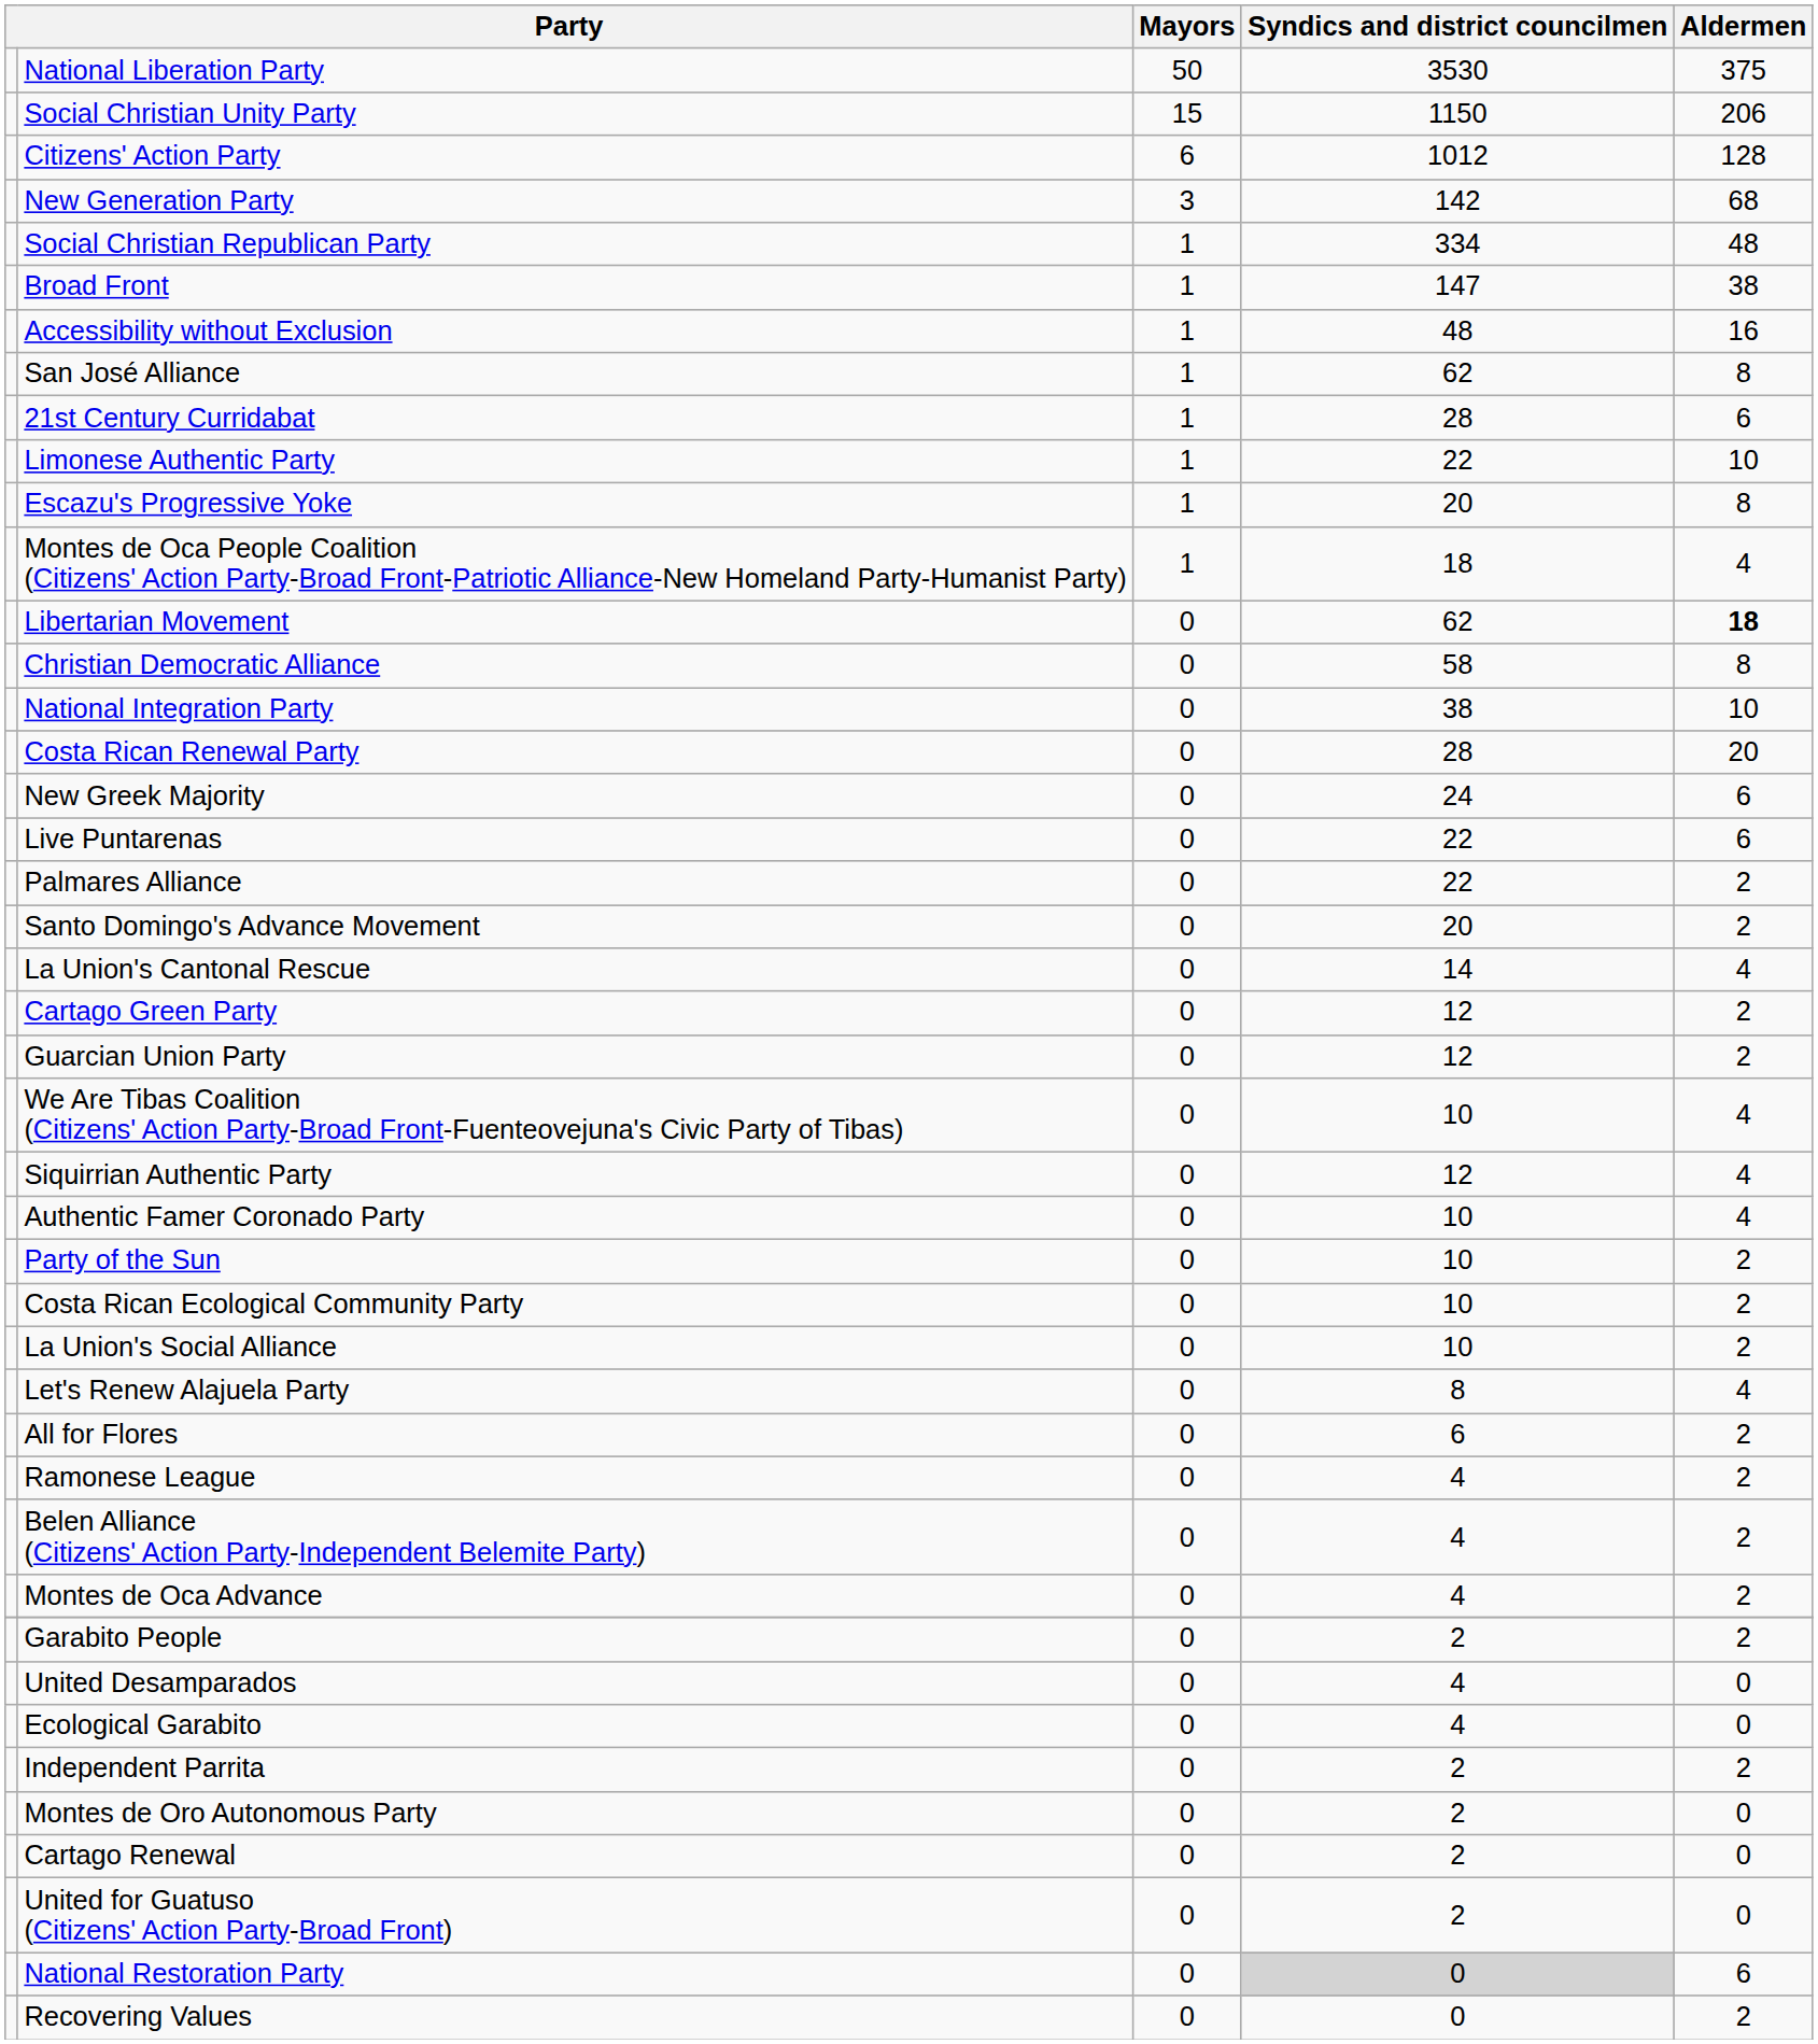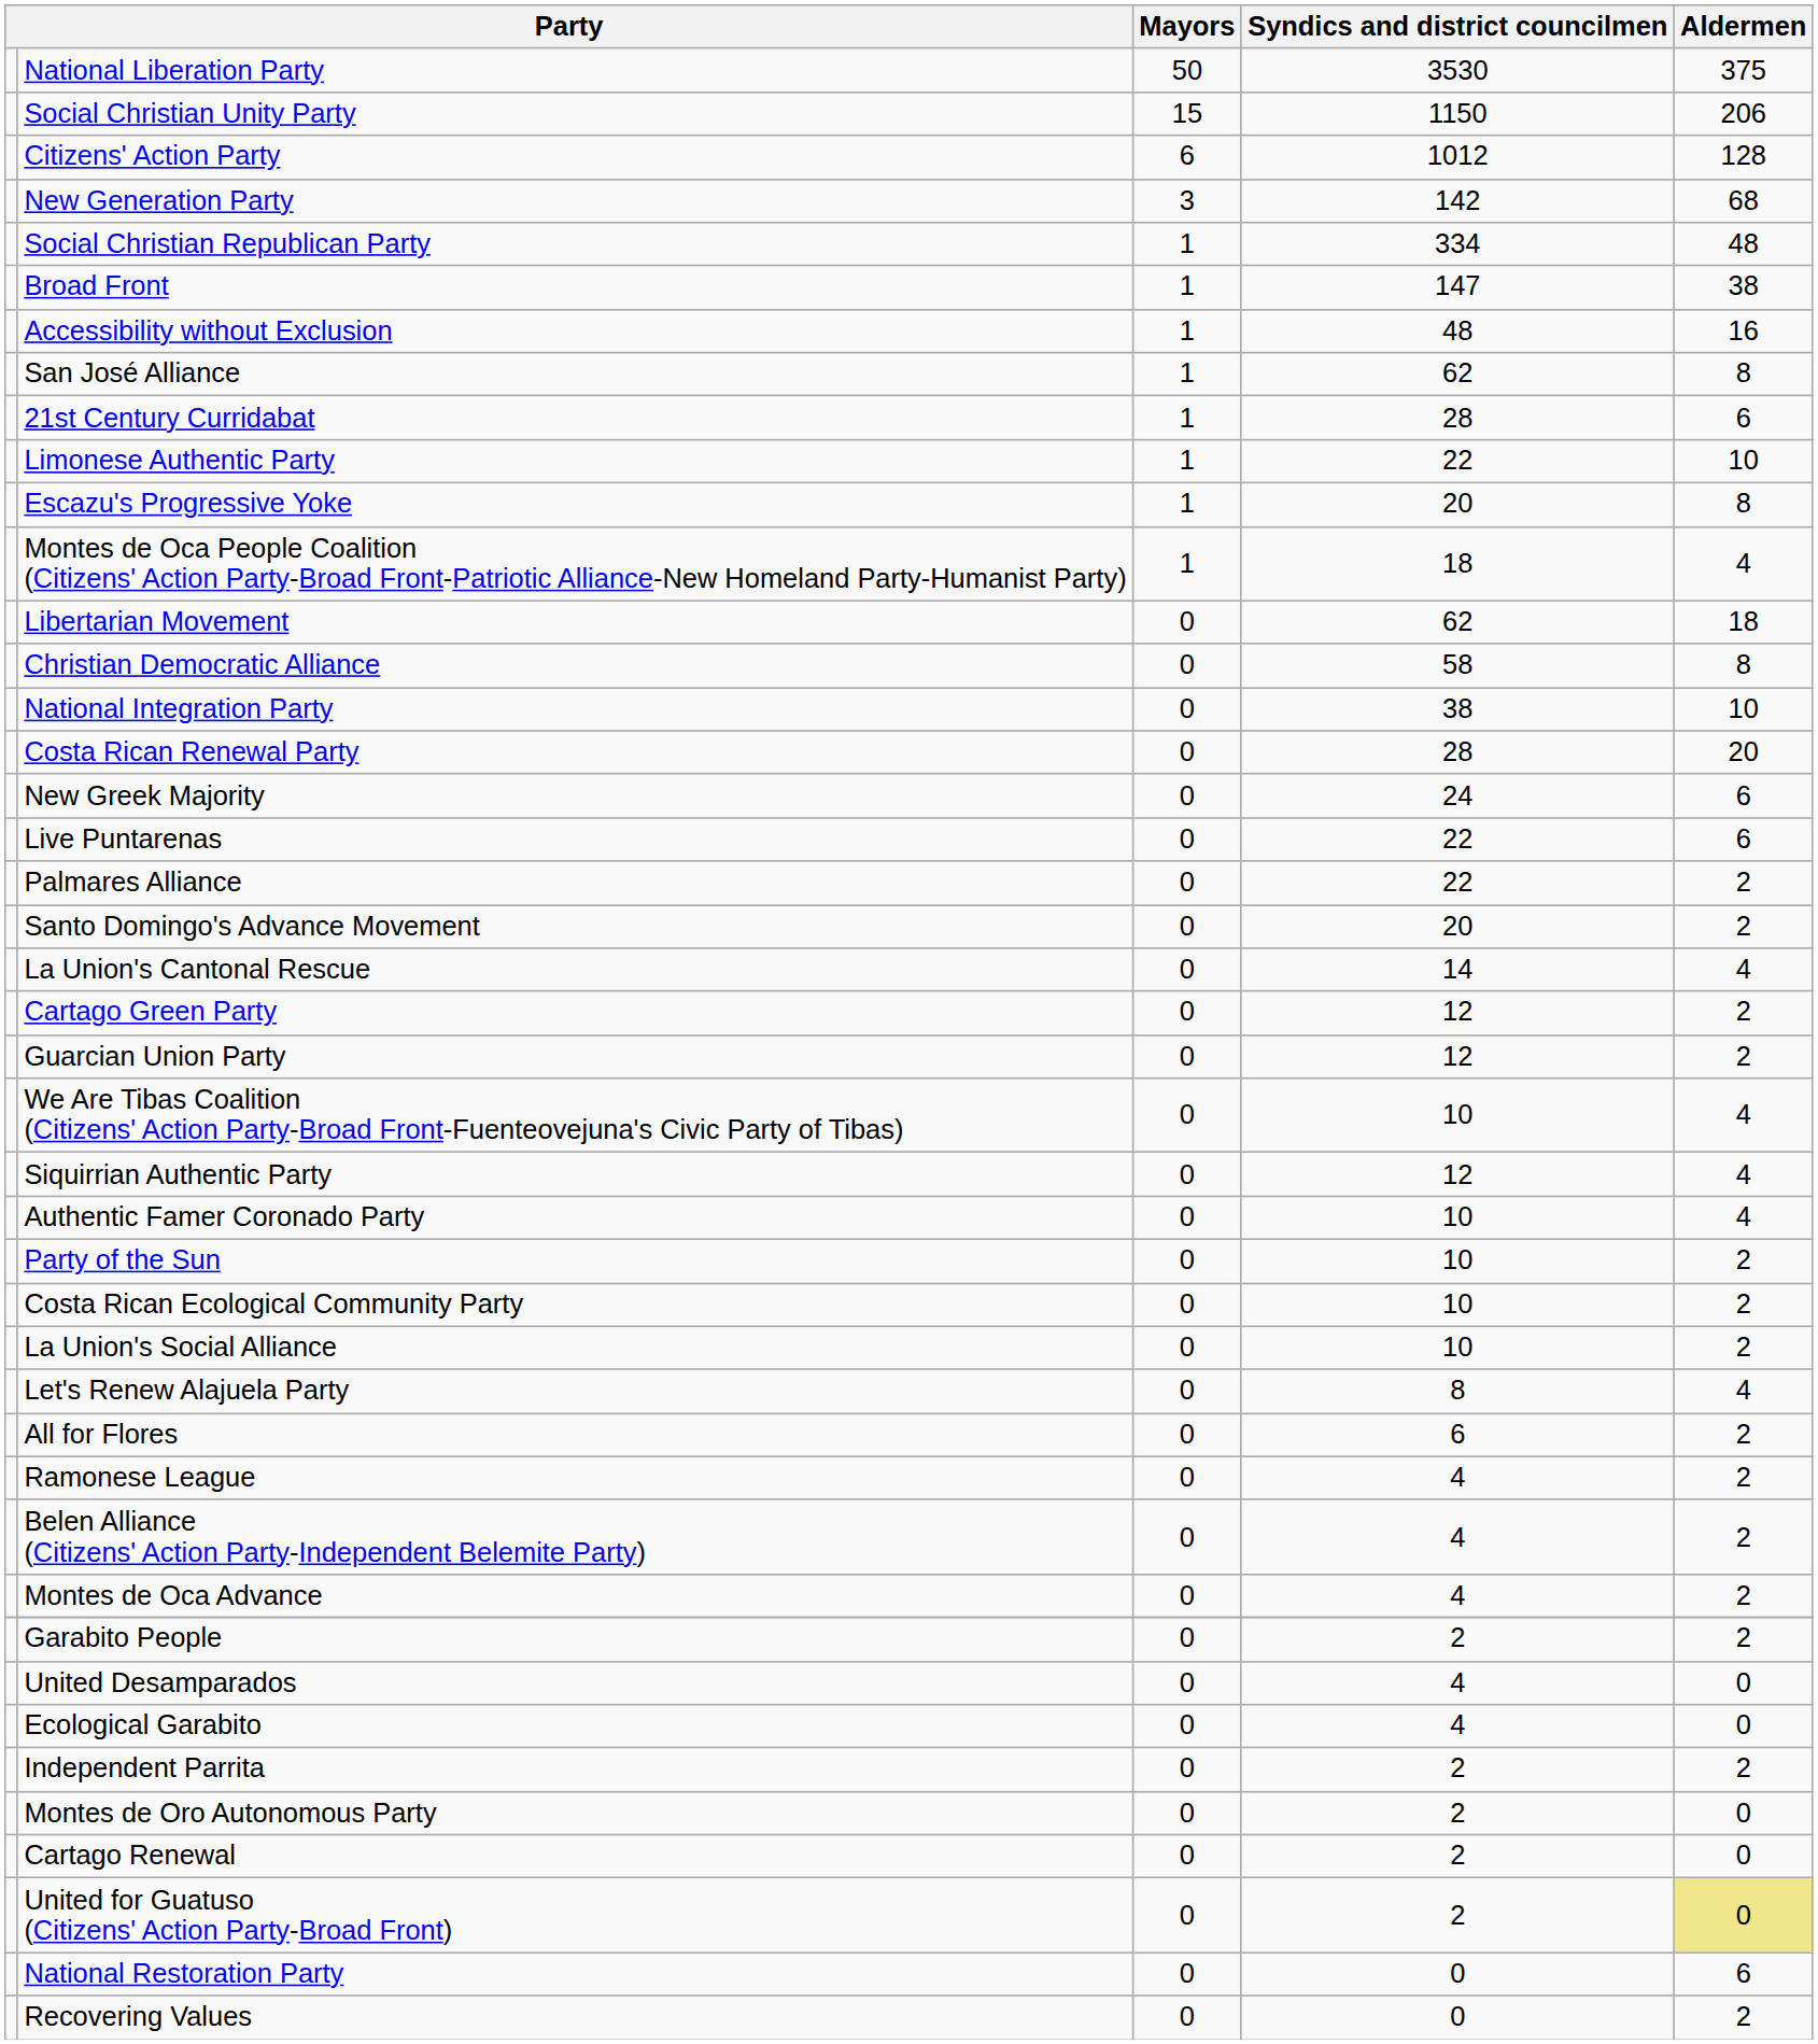 <table class="wikitable sortable" style="text-align:center;">
 <tr style="background:#efefef;">
 <th Colspan=2>Party</th>
 <th>Mayors</th>
 <th>Syndics and district councilmen</th>
 <th>Aldermen</th>
 </tr>
 <tr>
 <td></td>
 <td style="text-align:left;"><a href='#'>National Liberation Party</a></td>
 <td>50</td>
 <td>3530</td>
 <td>375</td>
 </tr>
 <tr>
 <td></td>
 <td style="text-align:left;"><a href='#'>Social Christian Unity Party</a></td>
 <td>15</td>
 <td>1150</td>
 <td>206</td>
 </tr>
 <tr>
 <td></td>
 <td style="text-align:left;"><a href='#'>Citizens' Action Party</a></td>
 <td>6</td>
 <td>1012</td>
 <td>128</td>
 </tr>
 <tr>
 <td></td>
 <td style="text-align:left;"><a href='#'>New Generation Party</a></td>
 <td>3</td>
 <td>142</td>
 <td>68</td>
 </tr>
 <tr>
 <td></td>
 <td style="text-align:left;"><a href='#'>Social Christian Republican Party</a></td>
 <td>1</td>
 <td>334</td>
 <td>48</td>
 </tr>
 <tr>
 <td></td>
 <td style="text-align:left;"><a href='#'>Broad Front</a></td>
 <td>1</td>
 <td>147</td>
 <td>38</td>
 </tr>
 <tr>
 <td></td>
 <td style="text-align:left;"><a href='#'>Accessibility without Exclusion</a></td>
 <td>1</td>
 <td>48</td>
 <td>16</td>
 </tr>
 <tr>
 <td></td>
 <td style="text-align:left;">San José Alliance</td>
 <td>1</td>
 <td>62</td>
 <td>8</td>
 </tr>
 <tr>
 <td></td>
 <td style="text-align:left;"><a href='#'>21st Century Curridabat</a></td>
 <td>1</td>
 <td>28</td>
 <td>6</td>
 </tr>
 <tr>
 <td></td>
 <td style="text-align:left;"><a href='#'>Limonese Authentic Party</a></td>
 <td>1</td>
 <td>22</td>
 <td>10</td>
 </tr>
 <tr>
 <td></td>
 <td style="text-align:left;"><a href='#'>Escazu's Progressive Yoke</a></td>
 <td>1</td>
 <td>20</td>
 <td>8</td>
 </tr>
 <tr>
 <td></td>
 <td style="text-align:left;">Montes de Oca People Coalition <br> (<a href='#'>Citizens' Action Party</a>-<a href='#'>Broad Front</a>-<a href='#'>Patriotic Alliance</a>-New Homeland Party-Humanist Party)</td>
 <td>1</td>
 <td>18</td>
 <td>4</td>
 </tr>
 <tr>
 <td></td>
 <td style="text-align:left;"><a href='#'>Libertarian Movement</a></td>
 <td>0</td>
 <td>62</td>
-<td><strong>18</strong></td>
+<td>18</td>
 </tr>
 <tr>
 <td></td>
 <td style="text-align:left;"><a href='#'>Christian Democratic Alliance</a></td>
 <td>0</td>
 <td>58</td>
 <td>8</td>
 </tr>
 <tr>
 <td></td>
 <td style="text-align:left;"><a href='#'>National Integration Party</a></td>
 <td>0</td>
 <td>38</td>
 <td>10</td>
 </tr>
 <tr>
 <td></td>
 <td style="text-align:left;"><a href='#'>Costa Rican Renewal Party</a></td>
 <td>0</td>
 <td>28</td>
 <td>20</td>
 </tr>
 <tr>
 <td></td>
 <td style="text-align:left;">New Greek Majority</td>
 <td>0</td>
 <td>24</td>
 <td>6</td>
 </tr>
 <tr>
 <td></td>
 <td style="text-align:left;">Live Puntarenas</td>
 <td>0</td>
 <td>22</td>
 <td>6</td>
 </tr>
 <tr>
 <td></td>
 <td style="text-align:left;">Palmares Alliance</td>
 <td>0</td>
 <td>22</td>
 <td>2</td>
 </tr>
 <tr>
 <td></td>
 <td style="text-align:left;">Santo Domingo's Advance Movement</td>
 <td>0</td>
 <td>20</td>
 <td>2</td>
 </tr>
 <tr>
 <td></td>
 <td style="text-align:left;">La Union's Cantonal Rescue</td>
 <td>0</td>
 <td>14</td>
 <td>4</td>
 </tr>
 <tr>
 <td></td>
 <td style="text-align:left;"><a href='#'>Cartago Green Party</a></td>
 <td>0</td>
 <td>12</td>
 <td>2</td>
 </tr>
 <tr>
 <td></td>
 <td style="text-align:left;">Guarcian Union Party</td>
 <td>0</td>
 <td>12</td>
 <td>2</td>
 </tr>
 <tr>
 <td></td>
 <td style="text-align:left;">We Are Tibas Coalition <br> (<a href='#'>Citizens' Action Party</a>-<a href='#'>Broad Front</a>-Fuenteovejuna's Civic Party of Tibas)</td>
 <td>0</td>
 <td>10</td>
 <td>4</td>
 </tr>
 <tr>
 <td></td>
 <td style="text-align:left;">Siquirrian Authentic Party</td>
 <td>0</td>
 <td>12</td>
 <td>4</td>
 </tr>
 <tr>
 <td></td>
 <td style="text-align:left;">Authentic Famer Coronado Party</td>
 <td>0</td>
 <td>10</td>
 <td>4</td>
 </tr>
 <tr>
 <td></td>
 <td style="text-align:left;"><a href='#'>Party of the Sun</a></td>
 <td>0</td>
 <td>10</td>
 <td>2</td>
 </tr>
 <tr>
 <td></td>
 <td style="text-align:left;">Costa Rican Ecological Community Party</td>
 <td>0</td>
 <td>10</td>
 <td>2</td>
 </tr>
 <tr>
 <td></td>
 <td style="text-align:left;">La Union's Social Alliance</td>
 <td>0</td>
 <td>10</td>
 <td>2</td>
 </tr>
 <tr>
 <td></td>
 <td style="text-align:left;">Let's Renew Alajuela Party</td>
 <td>0</td>
 <td>8</td>
 <td>4</td>
 </tr>
 <tr>
 <td></td>
 <td style="text-align:left;">All for Flores</td>
 <td>0</td>
 <td>6</td>
 <td>2</td>
 </tr>
 <tr>
 <td></td>
 <td style="text-align:left;">Ramonese League</td>
 <td>0</td>
 <td>4</td>
 <td>2</td>
 </tr>
 <tr>
 <td></td>
 <td style="text-align:left;">Belen Alliance<br> (<a href='#'>Citizens' Action Party</a>-<a href='#'>Independent Belemite Party</a>)</td>
 <td>0</td>
 <td>4</td>
 <td>2</td>
 </tr>
 <tr>
 <td></td>
 <td style="text-align:left;">Montes de Oca Advance</td>
 <td>0</td>
 <td>4</td>
 <td>2</td>
 </tr>
 <tr>
 </tr>
 <tr>
 <td></td>
 <td style="text-align:left;">Garabito People</td>
 <td>0</td>
 <td>2</td>
 <td>2</td>
 </tr>
 <tr>
 <td></td>
 <td style="text-align:left;">United Desamparados</td>
 <td>0</td>
 <td>4</td>
 <td>0</td>
 </tr>
 <tr>
 <td></td>
 <td style="text-align:left;">Ecological Garabito</td>
 <td>0</td>
 <td>4</td>
 <td>0</td>
 </tr>
 <tr>
 <td></td>
 <td style="text-align:left;">Independent Parrita</td>
 <td>0</td>
 <td>2</td>
 <td>2</td>
 </tr>
 <tr>
 <td></td>
 <td style="text-align:left;">Montes de Oro Autonomous Party</td>
 <td>0</td>
 <td>2</td>
 <td>0</td>
 </tr>
 <tr>
 <td></td>
 <td style="text-align:left;">Cartago Renewal</td>
 <td>0</td>
 <td>2</td>
 <td>0</td>
 </tr>
 <tr>
 <td></td>
 <td style="text-align:left;">United for Guatuso <br> (<a href='#'>Citizens' Action Party</a>-<a href='#'>Broad Front</a>)</td>
 <td>0</td>
 <td>2</td>
-<td>0</td>
+<td style="background: khaki;">0</td>
 </tr>
 <tr>
 <td></td>
 <td style="text-align:left;"><a href='#'>National Restoration Party</a></td>
 <td>0</td>
-<td style="background: lightgrey;">0</td>
+<td>0</td>
 <td>6</td>
 </tr>
 <tr>
 <td></td>
 <td style="text-align:left;">Recovering Values</td>
 <td>0</td>
 <td>0</td>
 <td>2</td>
 </tr>
 </table>
